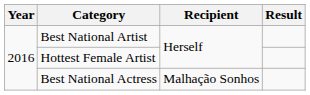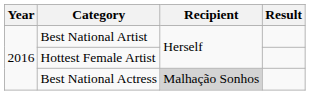 <table class="wikitable">
 <tr>
 <th>Year</th>
 <th>Category</th>
 <th>Recipient</th>
 <th>Result</th>
 </tr>
 <tr>
 <td rowspan=3>2016</td>
 <td>Best National Artist</td>
 <td rowspan=2>Herself</td>
 <td></td>
 </tr>
 <tr>
 <td>Hottest Female Artist</td>
 <td></td>
 </tr>
 <tr>
 <td>Best National Actress</td>
-<td>Malhação Sonhos</td>
+<td style="background: lightgrey;">Malhação Sonhos</td>
 <td></td>
 </tr>
 </table>
